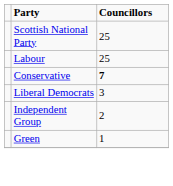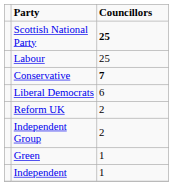 <table class="wikitable">
 <tr>
 <td width="3"></td>
 <td width="120"><strong>Party</strong></td>
 <td width="100"><strong>Councillors</strong></td>
 </tr>
 <tr>
 <td style="color:inherit;background:"></td>
 <td><a href='#'>Scottish National Party</a></td>
-<td>25</td>
+<td><strong>25</strong></td>
 </tr>
 <tr>
 <td style="color:inherit;background:"></td>
 <td><a href='#'>Labour</a></td>
 <td>25</td>
 </tr>
 <tr>
 <td style="color:inherit;background:"></td>
 <td><a href='#'>Conservative</a></td>
 <td><strong>7</strong></td>
 </tr>
 <tr>
 <td style="color:inherit;background:"></td>
 <td><a href='#'>Liberal Democrats</a></td>
-<td>3</td>
+<td>6</td>
+</tr>
+<tr>
+<td style="color:inherit;background:"></td>
+<td><a href='#'>Reform UK</a></td>
+<td>2</td>
 </tr>
 <tr>
 <td style="color:inherit;background:"></td>
 <td><a href='#'>Independent Group</a></td>
 <td>2</td>
 </tr>
 <tr>
 <td style="color:inherit;background:"></td>
 <td><a href='#'>Green</a></td>
 <td>1</td>
 </tr>
 <tr>
+<td style="color:inherit;background:"></td>
+<td><a href='#'>Independent</a></td>
+<td>1</td>
+</tr>
+<tr>
 </tr>
 </table>
